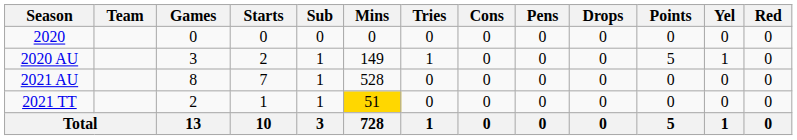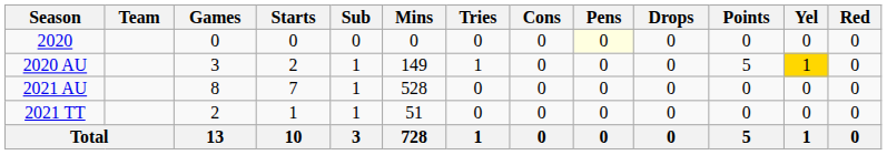 <table class="wikitable" style="text-align:center; line-height:90%; font-size:95%; width:60%;">
 <tr>
 <th>Season</th>
 <th>Team</th>
 <th>Games</th>
 <th>Starts</th>
 <th>Sub</th>
 <th>Mins</th>
 <th>Tries</th>
 <th>Cons</th>
 <th>Pens</th>
 <th>Drops</th>
 <th>Points</th>
 <th>Yel</th>
 <th>Red</th>
 </tr>
 <tr>
 <td><a href='#'>2020</a></td>
 <td></td>
 <td>0</td>
 <td>0</td>
 <td>0</td>
 <td>0</td>
 <td>0</td>
 <td>0</td>
-<td>0</td>
+<td style="background: lightyellow;">0</td>
 <td>0</td>
 <td>0</td>
 <td>0</td>
 <td>0</td>
 </tr>
 <tr>
 <td><a href='#'>2020 AU</a></td>
 <td></td>
 <td>3</td>
 <td>2</td>
 <td>1</td>
 <td>149</td>
 <td>1</td>
 <td>0</td>
 <td>0</td>
 <td>0</td>
 <td>5</td>
-<td>1</td>
+<td style="background: gold;">1</td>
 <td>0</td>
 </tr>
 <tr>
 <td><a href='#'>2021 AU</a></td>
 <td></td>
 <td>8</td>
 <td>7</td>
 <td>1</td>
 <td>528</td>
 <td>0</td>
 <td>0</td>
 <td>0</td>
 <td>0</td>
 <td>0</td>
 <td>0</td>
 <td>0</td>
 </tr>
 <tr>
 <td><a href='#'>2021 TT</a></td>
 <td></td>
 <td>2</td>
 <td>1</td>
 <td>1</td>
-<td style="background: gold;">51</td>
+<td>51</td>
 <td>0</td>
 <td>0</td>
 <td>0</td>
 <td>0</td>
 <td>0</td>
 <td>0</td>
 <td>0</td>
 </tr>
 <tr>
 <th colspan="2">Total</th>
 <th>13</th>
 <th>10</th>
 <th>3</th>
 <th>728</th>
 <th>1</th>
 <th>0</th>
 <th>0</th>
 <th>0</th>
 <th>5</th>
 <th>1</th>
 <th>0</th>
 </tr>
 </table>
